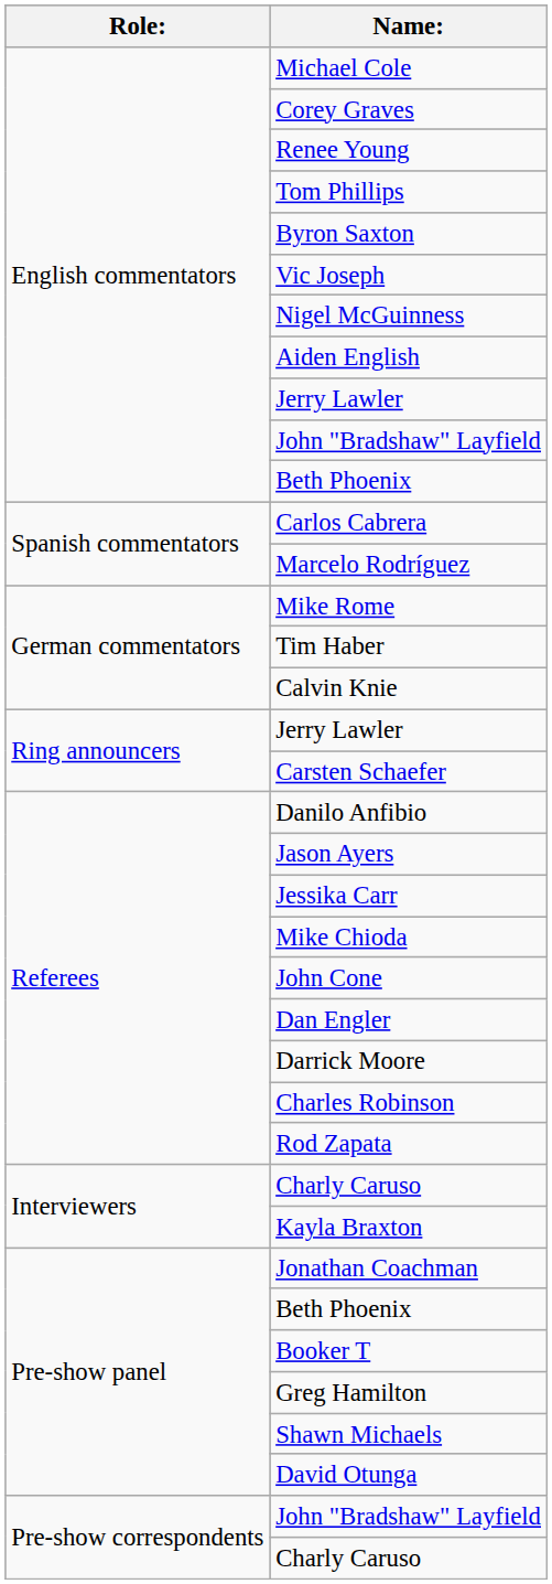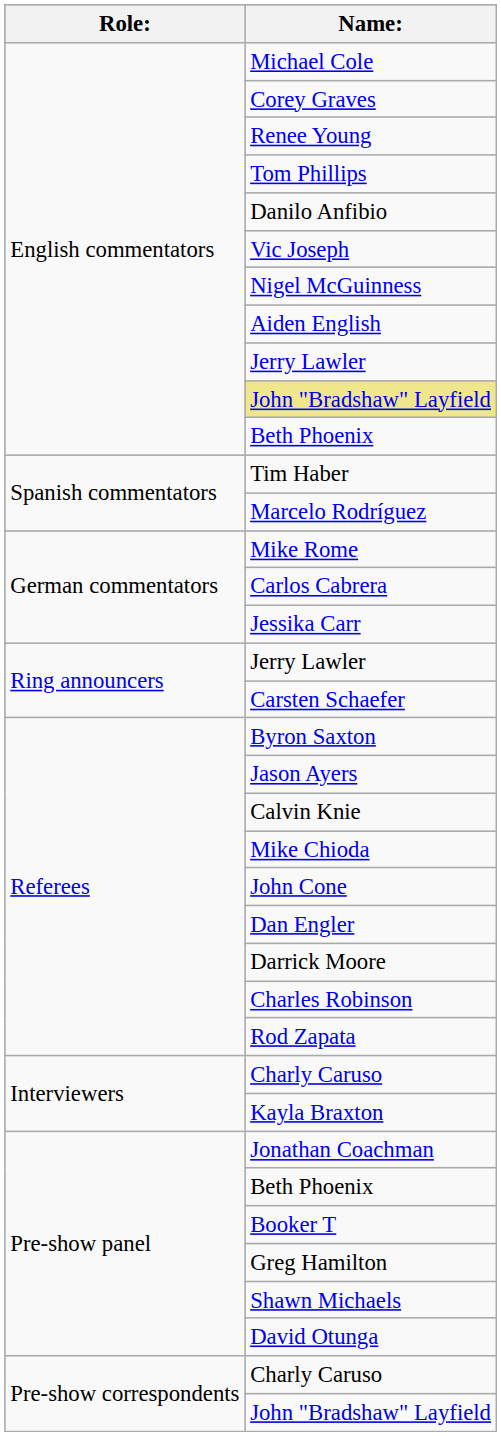 <table class=wikitable style="font-size:90%; margin: 0.5em 0 0.5em 1em; float: right; clear: right;">
 <tr>
 <th>Role:</th>
 <th>Name:</th>
 </tr>
 <tr>
 <td rowspan=11>English commentators</td>
 <td><a href='#'>Michael Cole</a> </td>
 </tr>
 <tr>
 <td><a href='#'>Corey Graves</a> </td>
 </tr>
 <tr>
 <td><a href='#'>Renee Young</a> </td>
 </tr>
 <tr>
 <td><a href='#'>Tom Phillips</a> </td>
 </tr>
 <tr>
-<td><a href='#'>Byron Saxton</a> </td>
+<td>Danilo Anfibio</td>
 </tr>
 <tr>
 <td><a href='#'>Vic Joseph</a> </td>
 </tr>
 <tr>
 <td><a href='#'>Nigel McGuinness</a> </td>
 </tr>
 <tr>
 <td><a href='#'>Aiden English</a> </td>
 </tr>
 <tr>
 <td><a href='#'>Jerry Lawler</a> </td>
 </tr>
 <tr>
-<td><a href='#'>John "Bradshaw" Layfield</a> </td>
+<td style="background: khaki;"><a href='#'>John "Bradshaw" Layfield</a> </td>
 </tr>
 <tr>
 <td><a href='#'>Beth Phoenix</a> </td>
 </tr>
 <tr>
 <td rowspan=2>Spanish commentators</td>
-<td><a href='#'>Carlos Cabrera</a></td>
+<td>Tim Haber</td>
 </tr>
 <tr>
 <td><a href='#'>Marcelo Rodríguez</a></td>
 </tr>
 <tr>
 <td rowspan=3>German commentators</td>
 <td><a href='#'>Mike Rome</a> </td>
 </tr>
 <tr>
-<td>Tim Haber</td>
+<td><a href='#'>Carlos Cabrera</a></td>
 </tr>
 <tr>
-<td>Calvin Knie</td>
+<td><a href='#'>Jessika Carr</a></td>
 </tr>
 <tr>
 <td rowspan=2><a href='#'>Ring announcers</a></td>
 <td>Jerry Lawler</td>
 </tr>
 <tr>
 <td><a href='#'>Carsten Schaefer</a></td>
 </tr>
 <tr>
 <td rowspan=9><a href='#'>Referees</a></td>
-<td>Danilo Anfibio</td>
+<td><a href='#'>Byron Saxton</a> </td>
 </tr>
 <tr>
 <td><a href='#'>Jason Ayers</a></td>
 </tr>
 <tr>
-<td><a href='#'>Jessika Carr</a></td>
+<td>Calvin Knie</td>
 </tr>
 <tr>
 <td><a href='#'>Mike Chioda</a></td>
 </tr>
 <tr>
 <td><a href='#'>John Cone</a></td>
 </tr>
 <tr>
 <td><a href='#'>Dan Engler</a></td>
 </tr>
 <tr>
 <td>Darrick Moore</td>
 </tr>
 <tr>
 <td><a href='#'>Charles Robinson</a></td>
 </tr>
 <tr>
 <td><a href='#'>Rod Zapata</a></td>
 </tr>
 <tr>
 <td rowspan=2>Interviewers</td>
 <td><a href='#'>Charly Caruso</a></td>
 </tr>
 <tr>
 <td><a href='#'>Kayla Braxton</a></td>
 </tr>
 <tr>
 <td rowspan=6>Pre-show panel</td>
 <td><a href='#'>Jonathan Coachman</a></td>
 </tr>
 <tr>
 <td>Beth Phoenix</td>
 </tr>
 <tr>
 <td><a href='#'>Booker T</a></td>
 </tr>
 <tr>
 <td>Greg Hamilton </td>
 </tr>
 <tr>
 <td><a href='#'>Shawn Michaels</a></td>
 </tr>
 <tr>
 <td><a href='#'>David Otunga</a></td>
 </tr>
 <tr>
 <td rowspan=2>Pre-show correspondents</td>
+<td>Charly Caruso</td>
+</tr>
+<tr>
 <td><a href='#'>John "Bradshaw" Layfield</a></td>
 </tr>
-<tr>
-<td>Charly Caruso</td>
-</tr>
 </table>
